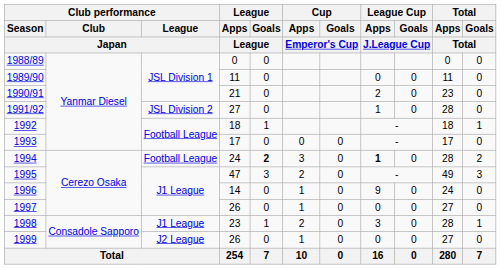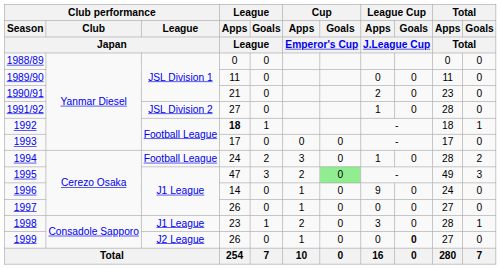 <table class="wikitable" style="text-align:center;">
 <tr>
 <th colspan=3>Club performance</th>
 <th colspan=2>League</th>
 <th colspan=2>Cup</th>
 <th colspan=2>League Cup</th>
 <th colspan=2>Total</th>
 </tr>
 <tr>
 <th>Season</th>
 <th>Club</th>
 <th>League</th>
 <th>Apps</th>
 <th>Goals</th>
 <th>Apps</th>
 <th>Goals</th>
 <th>Apps</th>
 <th>Goals</th>
 <th>Apps</th>
 <th>Goals</th>
 </tr>
 <tr>
 <th colspan=3>Japan</th>
 <th colspan=2>League</th>
 <th colspan=2><a href='#'>Emperor's Cup</a></th>
 <th colspan=2><a href='#'>J.League Cup</a></th>
 <th colspan=2>Total</th>
 </tr>
 <tr>
 <td><a href='#'>1988/89</a></td>
 <td rowspan="6"><a href='#'>Yanmar Diesel</a></td>
 <td rowspan="3"><a href='#'>JSL Division 1</a></td>
 <td>0</td>
 <td>0</td>
 <td></td>
 <td></td>
 <td></td>
 <td></td>
 <td>0</td>
 <td>0</td>
 </tr>
 <tr>
 <td><a href='#'>1989/90</a></td>
 <td>11</td>
 <td>0</td>
 <td></td>
 <td></td>
 <td>0</td>
 <td>0</td>
 <td>11</td>
 <td>0</td>
 </tr>
 <tr>
 <td><a href='#'>1990/91</a></td>
 <td>21</td>
 <td>0</td>
 <td></td>
 <td></td>
 <td>2</td>
 <td>0</td>
 <td>23</td>
 <td>0</td>
 </tr>
 <tr>
 <td><a href='#'>1991/92</a></td>
 <td><a href='#'>JSL Division 2</a></td>
 <td>27</td>
 <td>0</td>
 <td></td>
 <td></td>
 <td>1</td>
 <td>0</td>
 <td>28</td>
 <td>0</td>
 </tr>
 <tr>
 <td><a href='#'>1992</a></td>
 <td rowspan="2"><a href='#'>Football League</a></td>
-<td>18</td>
+<td><strong>18</strong></td>
 <td>1</td>
 <td></td>
 <td></td>
 <td colspan="2">-</td>
 <td>18</td>
 <td>1</td>
 </tr>
 <tr>
 <td><a href='#'>1993</a></td>
 <td>17</td>
 <td>0</td>
 <td>0</td>
 <td>0</td>
 <td colspan="2">-</td>
 <td>17</td>
 <td>0</td>
 </tr>
 <tr>
 <td><a href='#'>1994</a></td>
 <td rowspan="4"><a href='#'>Cerezo Osaka</a></td>
 <td><a href='#'>Football League</a></td>
 <td>24</td>
-<td><strong>2</strong></td>
+<td>2</td>
 <td>3</td>
 <td>0</td>
-<td><strong>1</strong></td>
+<td>1</td>
 <td>0</td>
 <td>28</td>
 <td>2</td>
 </tr>
 <tr>
 <td><a href='#'>1995</a></td>
 <td rowspan="3"><a href='#'>J1 League</a></td>
 <td>47</td>
 <td>3</td>
 <td>2</td>
-<td>0</td>
+<td style="background: lightgreen;">0</td>
 <td colspan="2">-</td>
 <td>49</td>
 <td>3</td>
 </tr>
 <tr>
 <td><a href='#'>1996</a></td>
 <td>14</td>
 <td>0</td>
 <td>1</td>
 <td>0</td>
 <td>9</td>
 <td>0</td>
 <td>24</td>
 <td>0</td>
 </tr>
 <tr>
 <td><a href='#'>1997</a></td>
 <td>26</td>
 <td>0</td>
 <td>1</td>
 <td>0</td>
 <td>0</td>
 <td>0</td>
 <td>27</td>
 <td>0</td>
 </tr>
 <tr>
 <td><a href='#'>1998</a></td>
 <td rowspan="2"><a href='#'>Consadole Sapporo</a></td>
 <td><a href='#'>J1 League</a></td>
 <td>23</td>
 <td>1</td>
 <td>2</td>
 <td>0</td>
 <td>3</td>
 <td>0</td>
 <td>28</td>
 <td>1</td>
 </tr>
 <tr>
 <td><a href='#'>1999</a></td>
 <td><a href='#'>J2 League</a></td>
 <td>26</td>
 <td>0</td>
 <td>1</td>
 <td>0</td>
 <td>0</td>
-<td>0</td>
+<td><strong>0</strong></td>
 <td>27</td>
 <td>0</td>
 </tr>
 <tr>
 <th colspan=3>Total</th>
 <th>254</th>
 <th>7</th>
 <th>10</th>
 <th>0</th>
 <th>16</th>
 <th>0</th>
 <th>280</th>
 <th>7</th>
 </tr>
 </table>
